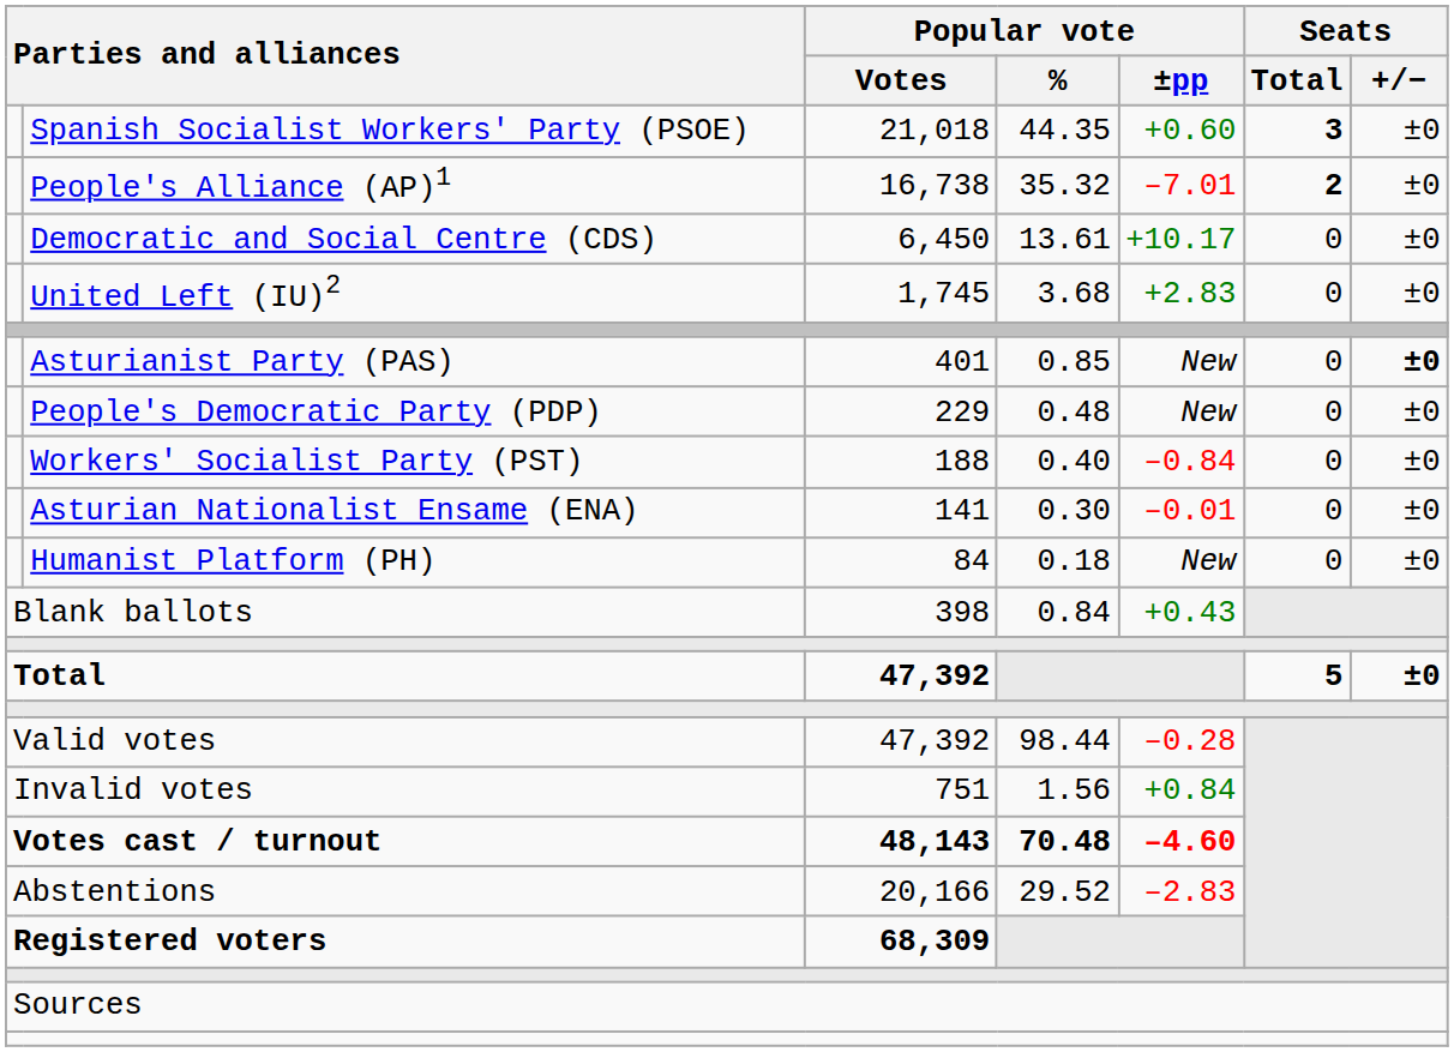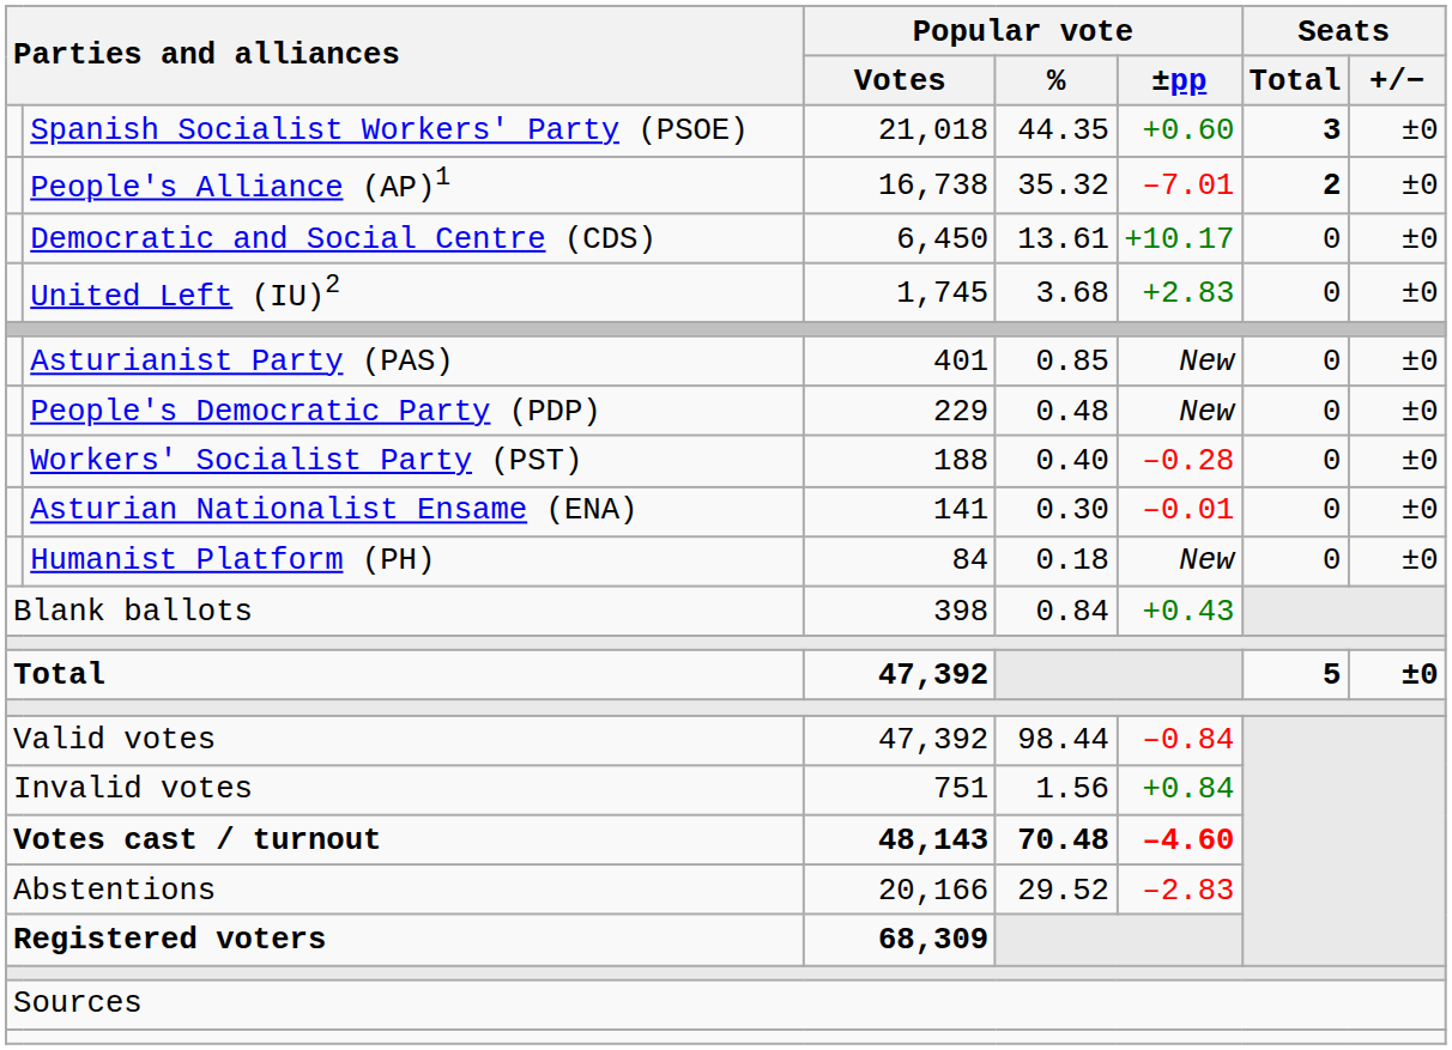 <table class="wikitable" style="text-align:right;">
 <tr>
 <th style="text-align:left;" rowspan="2" colspan="2" width="525">Parties and alliances</th>
 <th colspan="3">Popular vote</th>
 <th colspan="2">Seats</th>
 </tr>
 <tr>
 <th width="75">Votes</th>
 <th width="45">%</th>
 <th width="45">±<a href='#'>pp</a></th>
 <th width="35">Total</th>
 <th width="35">+/−</th>
 </tr>
 <tr>
 <td width="1" style="color:inherit;background:"></td>
 <td align="left"><a href='#'>Spanish Socialist Workers' Party</a> (PSOE)</td>
 <td>21,018</td>
 <td>44.35</td>
 <td style="color:green;">+0.60</td>
 <td><strong>3</strong></td>
 <td>±0</td>
 </tr>
 <tr>
 <td style="color:inherit;background:"></td>
 <td align="left"><a href='#'>People's Alliance</a> (AP)<sup>1</sup></td>
 <td>16,738</td>
 <td>35.32</td>
 <td style="color:red;">–7.01</td>
 <td><strong>2</strong></td>
 <td>±0</td>
 </tr>
 <tr>
 <td style="color:inherit;background:"></td>
 <td align="left"><a href='#'>Democratic and Social Centre</a> (CDS)</td>
 <td>6,450</td>
 <td>13.61</td>
 <td style="color:green;">+10.17</td>
 <td>0</td>
 <td>±0</td>
 </tr>
 <tr>
 <td style="color:inherit;background:"></td>
 <td align="left"><a href='#'>United Left</a> (IU)<sup>2</sup></td>
 <td>1,745</td>
 <td>3.68</td>
 <td style="color:green;">+2.83</td>
 <td>0</td>
 <td>±0</td>
 </tr>
 <tr>
 <td colspan="7" bgcolor="#C0C0C0"></td>
 </tr>
 <tr>
 <td style="color:inherit;background:"></td>
 <td align="left"><a href='#'>Asturianist Party</a> (PAS)</td>
 <td>401</td>
 <td>0.85</td>
 <td><em>New</em></td>
 <td>0</td>
-<td><strong>±0</strong></td>
+<td>±0</td>
 </tr>
 <tr>
 <td style="color:inherit;background:"></td>
 <td align="left"><a href='#'>People's Democratic Party</a> (PDP)</td>
 <td>229</td>
 <td>0.48</td>
 <td><em>New</em></td>
 <td>0</td>
 <td>±0</td>
 </tr>
 <tr>
 <td style="color:inherit;background:"></td>
 <td align="left"><a href='#'>Workers' Socialist Party</a> (PST)</td>
 <td>188</td>
 <td>0.40</td>
-<td style="color:red;">–0.84</td>
+<td style="color:red;">–0.28</td>
 <td>0</td>
 <td>±0</td>
 </tr>
 <tr>
 <td style="color:inherit;background:"></td>
 <td align="left"><a href='#'>Asturian Nationalist Ensame</a> (ENA)</td>
 <td>141</td>
 <td>0.30</td>
 <td style="color:red;">–0.01</td>
 <td>0</td>
 <td>±0</td>
 </tr>
 <tr>
 <td style="color:inherit;background:"></td>
 <td align="left"><a href='#'>Humanist Platform</a> (PH)</td>
 <td>84</td>
 <td>0.18</td>
 <td><em>New</em></td>
 <td>0</td>
 <td>±0</td>
 </tr>
 <tr>
 <td align="left" colspan="2">Blank ballots</td>
 <td>398</td>
 <td>0.84</td>
 <td style="color:green;">+0.43</td>
 <td bgcolor="#E9E9E9" colspan="2"></td>
 </tr>
 <tr>
 <td colspan="7" bgcolor="#E9E9E9"></td>
 </tr>
 <tr style="font-weight:bold;">
 <td align="left" colspan="2">Total</td>
 <td>47,392</td>
 <td bgcolor="#E9E9E9" colspan="2"></td>
 <td>5</td>
 <td>±0</td>
 </tr>
 <tr>
 <td colspan="7" bgcolor="#E9E9E9"></td>
 </tr>
 <tr>
 <td align="left" colspan="2">Valid votes</td>
 <td>47,392</td>
 <td>98.44</td>
-<td style="color:red;">–0.28</td>
+<td style="color:red;">–0.84</td>
 <td bgcolor="#E9E9E9" colspan="2" rowspan="5"></td>
 </tr>
 <tr>
 <td align="left" colspan="2">Invalid votes</td>
 <td>751</td>
 <td>1.56</td>
 <td style="color:green;">+0.84</td>
 </tr>
 <tr style="font-weight:bold;">
 <td align="left" colspan="2">Votes cast / turnout</td>
 <td>48,143</td>
 <td>70.48</td>
 <td style="color:red;">–4.60</td>
 </tr>
 <tr>
 <td align="left" colspan="2">Abstentions</td>
 <td>20,166</td>
 <td>29.52</td>
 <td style="color:red;">–2.83</td>
 </tr>
 <tr style="font-weight:bold;">
 <td align="left" colspan="2">Registered voters</td>
 <td>68,309</td>
 <td bgcolor="#E9E9E9" colspan="2"></td>
 </tr>
 <tr>
 <td colspan="7" bgcolor="#E9E9E9"></td>
 </tr>
 <tr>
 <td align="left" colspan="7">Sources</td>
 </tr>
 <tr>
 <td colspan="7" style="text-align:left; max-width:790px;"></td>
 </tr>
 </table>
